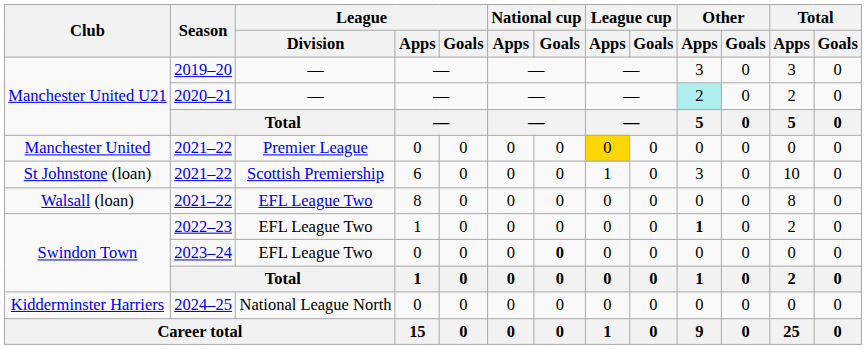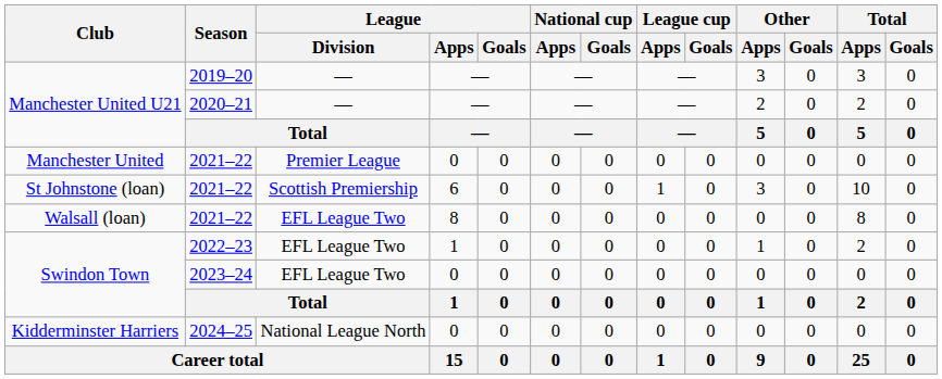 <table class="wikitable" style="text-align:center">
 <tr>
 <th rowspan="2">Club</th>
 <th rowspan="2">Season</th>
 <th colspan="3">League</th>
 <th colspan="2">National cup</th>
 <th colspan="2">League cup</th>
 <th colspan="2">Other</th>
 <th colspan="2">Total</th>
 </tr>
 <tr>
 <th>Division</th>
 <th>Apps</th>
 <th>Goals</th>
 <th>Apps</th>
 <th>Goals</th>
 <th>Apps</th>
 <th>Goals</th>
 <th>Apps</th>
 <th>Goals</th>
 <th>Apps</th>
 <th>Goals</th>
 </tr>
 <tr>
 <td rowspan="3"><a href='#'>Manchester United U21</a></td>
 <td><a href='#'>2019–20</a></td>
 <td colspan=1>—</td>
 <td colspan=2>—</td>
 <td colspan=2>—</td>
 <td colspan=2>—</td>
 <td>3</td>
 <td>0</td>
 <td>3</td>
 <td>0</td>
 </tr>
 <tr>
 <td><a href='#'>2020–21</a></td>
 <td colspan=1>—</td>
 <td colspan=2>—</td>
 <td colspan=2>—</td>
 <td colspan=2>—</td>
-<td style="background: paleturquoise;">2</td>
+<td>2</td>
 <td>0</td>
 <td>2</td>
 <td>0</td>
 </tr>
 <tr>
 <th colspan="2">Total</th>
 <th colspan=2>—</th>
 <th colspan=2>—</th>
 <th colspan=2>—</th>
 <th>5</th>
 <th>0</th>
 <th>5</th>
 <th>0</th>
 </tr>
 <tr>
 <td><a href='#'>Manchester United</a></td>
 <td><a href='#'>2021–22</a></td>
 <td><a href='#'>Premier League</a></td>
 <td>0</td>
 <td>0</td>
 <td>0</td>
 <td>0</td>
-<td style="background: gold;">0</td>
+<td>0</td>
 <td>0</td>
 <td>0</td>
 <td>0</td>
 <td>0</td>
 <td>0</td>
 </tr>
 <tr>
 <td><a href='#'>St Johnstone</a> (loan)</td>
 <td><a href='#'>2021–22</a></td>
 <td><a href='#'>Scottish Premiership</a></td>
 <td>6</td>
 <td>0</td>
 <td>0</td>
 <td>0</td>
 <td>1</td>
 <td>0</td>
 <td>3</td>
 <td>0</td>
 <td>10</td>
 <td>0</td>
 </tr>
 <tr>
 <td><a href='#'>Walsall</a> (loan)</td>
 <td><a href='#'>2021–22</a></td>
 <td><a href='#'>EFL League Two</a></td>
 <td>8</td>
 <td>0</td>
 <td>0</td>
 <td>0</td>
 <td>0</td>
 <td>0</td>
 <td>0</td>
 <td>0</td>
 <td>8</td>
 <td>0</td>
 </tr>
 <tr>
 <td rowspan="3"><a href='#'>Swindon Town</a></td>
 <td><a href='#'>2022–23</a></td>
 <td>EFL League Two</td>
 <td>1</td>
 <td>0</td>
 <td>0</td>
 <td>0</td>
 <td>0</td>
 <td>0</td>
-<td><strong>1</strong></td>
+<td>1</td>
 <td>0</td>
 <td>2</td>
 <td>0</td>
 </tr>
 <tr>
 <td><a href='#'>2023–24</a></td>
 <td>EFL League Two</td>
 <td>0</td>
 <td>0</td>
 <td>0</td>
-<td><strong>0</strong></td>
+<td>0</td>
 <td>0</td>
 <td>0</td>
 <td>0</td>
 <td>0</td>
 <td>0</td>
 <td>0</td>
 </tr>
 <tr>
 <th colspan="2">Total</th>
 <th>1</th>
 <th>0</th>
 <th>0</th>
 <th>0</th>
 <th>0</th>
 <th>0</th>
 <th>1</th>
 <th>0</th>
 <th>2</th>
 <th>0</th>
 </tr>
 <tr>
 <td><a href='#'>Kidderminster Harriers</a></td>
 <td><a href='#'>2024–25</a></td>
 <td>National League North</td>
 <td>0</td>
 <td>0</td>
 <td>0</td>
 <td>0</td>
 <td>0</td>
 <td>0</td>
 <td>0</td>
 <td>0</td>
 <td>0</td>
 <td>0</td>
 </tr>
 <tr>
 <th colspan="3">Career total</th>
 <th>15</th>
 <th>0</th>
 <th>0</th>
 <th>0</th>
 <th>1</th>
 <th>0</th>
 <th>9</th>
 <th>0</th>
 <th>25</th>
 <th>0</th>
 </tr>
 </table>
